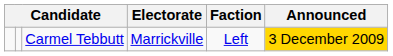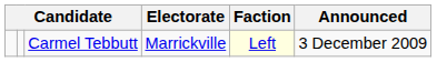 <table class="wikitable" style="text-align:center">
 <tr>
 <th colspan=3>Candidate</th>
 <th>Electorate</th>
 <th>Faction</th>
 <th>Announced</th>
 </tr>
 <tr>
 <td width="3pt" > </td>
 <td></td>
 <td><a href='#'>Carmel Tebbutt</a></td>
 <td><a href='#'>Marrickville</a></td>
-<td><a href='#'>Left</a></td>
-<td style="background: gold;">3 December 2009</td>
+<td style="background: lightyellow;"><a href='#'>Left</a></td>
+<td>3 December 2009</td>
 </tr>
 </table>
